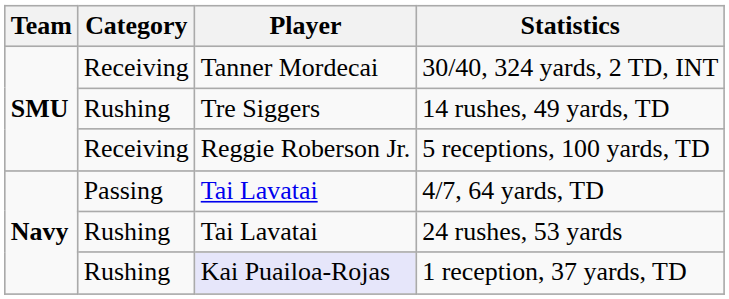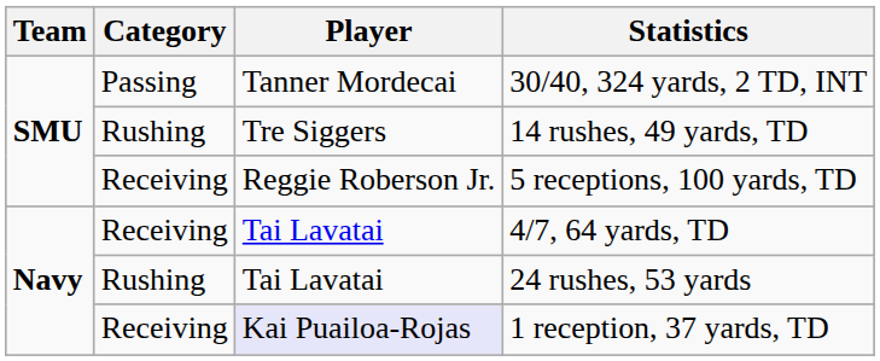 <table class="wikitable" style="float: left;">
 <tr>
 <th>Team</th>
 <th>Category</th>
 <th>Player</th>
 <th>Statistics</th>
 </tr>
 <tr>
 <td rowspan=3><strong>SMU</strong></td>
-<td>Receiving</td>
+<td>Passing</td>
 <td>Tanner Mordecai</td>
 <td>30/40, 324 yards, 2 TD, INT</td>
 </tr>
 <tr>
 <td>Rushing</td>
 <td>Tre Siggers</td>
 <td>14 rushes, 49 yards, TD</td>
 </tr>
 <tr>
 <td>Receiving</td>
 <td>Reggie Roberson Jr.</td>
 <td>5 receptions, 100 yards, TD</td>
 </tr>
 <tr>
 <td rowspan=3><strong>Navy</strong></td>
-<td>Passing</td>
+<td>Receiving</td>
 <td><a href='#'>Tai Lavatai</a></td>
 <td>4/7, 64 yards, TD</td>
 </tr>
 <tr>
 <td>Rushing</td>
 <td>Tai Lavatai</td>
 <td>24 rushes, 53 yards</td>
 </tr>
 <tr>
-<td>Rushing</td>
+<td>Receiving</td>
 <td style="background: lavender;">Kai Puailoa-Rojas</td>
 <td>1 reception, 37 yards, TD</td>
 </tr>
 </table>
